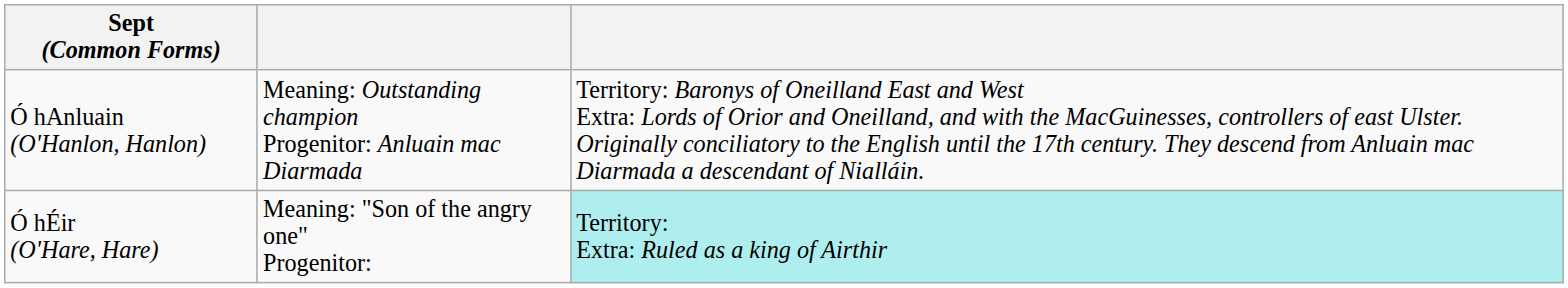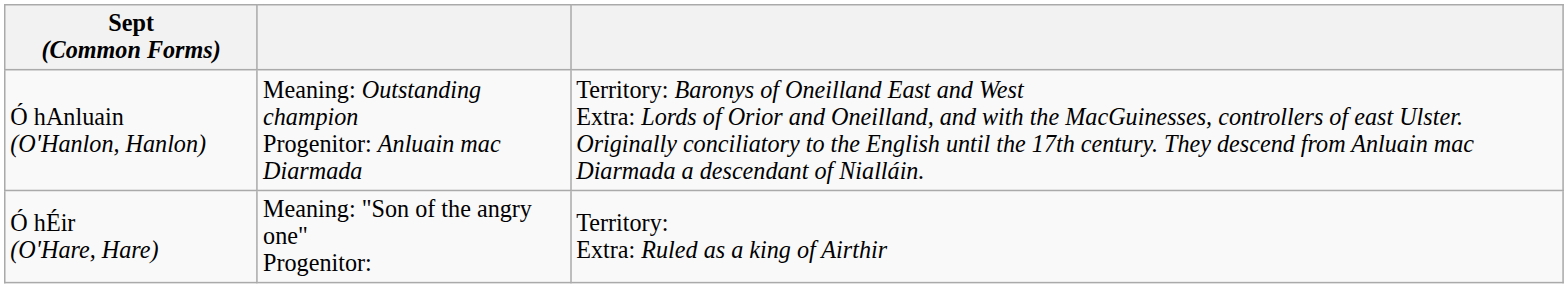 <table class="wikitable">
 <tr>
 <th width="160"><strong>Sept</strong><br><strong><em>(Common Forms)</em></strong></th>
 <th width="200"></th>
 <th width="650"></th>
 </tr>
 <tr>
 <td>Ó hAnluain<br><em>(O'Hanlon, Hanlon)</em></td>
 <td>Meaning: <em>Outstanding champion</em><br>Progenitor: <em>Anluain mac Diarmada</em></td>
 <td>Territory: <em>Baronys of Oneilland East and West</em><br>Extra: <em>Lords of Orior and Oneilland, and with the MacGuinesses, controllers of east Ulster. Originally conciliatory to the English until the 17th century. They descend from Anluain mac Diarmada a descendant of Nialláin.</em></td>
 </tr>
 <tr>
 <td>Ó hÉir<br><em>(O'Hare, Hare)</em></td>
 <td>Meaning: "Son of the angry one" <br>Progenitor:</td>
-<td style="background: paleturquoise;">Territory: <br>Extra: <em>Ruled as a king of Airthir</em></td>
+<td>Territory: <br>Extra: <em>Ruled as a king of Airthir</em></td>
 </tr>
 </table>
